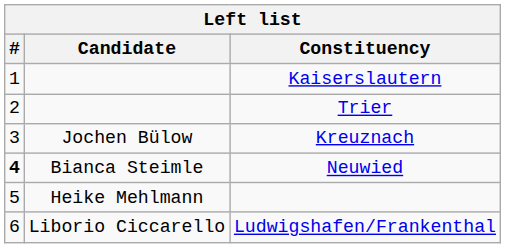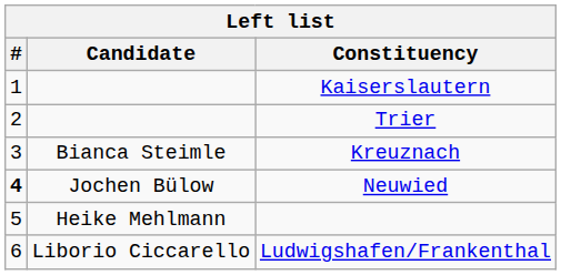 <table class="wikitable mw-collapsible mw-collapsed" style="text-align:center">
 <tr>
 <th colspan=3>Left list</th>
 </tr>
 <tr>
 <th>#</th>
 <th>Candidate</th>
 <th>Constituency</th>
 </tr>
 <tr>
 <td>1</td>
 <td></td>
 <td><a href='#'>Kaiserslautern</a></td>
 </tr>
 <tr>
 <td>2</td>
 <td></td>
 <td><a href='#'>Trier</a></td>
 </tr>
 <tr>
 <td>3</td>
-<td>Jochen Bülow</td>
+<td>Bianca Steimle</td>
 <td><a href='#'>Kreuznach</a></td>
 </tr>
 <tr>
 <td><strong>4</strong></td>
-<td>Bianca Steimle</td>
+<td>Jochen Bülow</td>
 <td><a href='#'>Neuwied</a></td>
 </tr>
 <tr>
 <td>5</td>
 <td>Heike Mehlmann</td>
 <td></td>
 </tr>
 <tr>
 <td>6</td>
 <td>Liborio Ciccarello</td>
 <td><a href='#'>Ludwigshafen/Frankenthal</a></td>
 </tr>
 </table>
